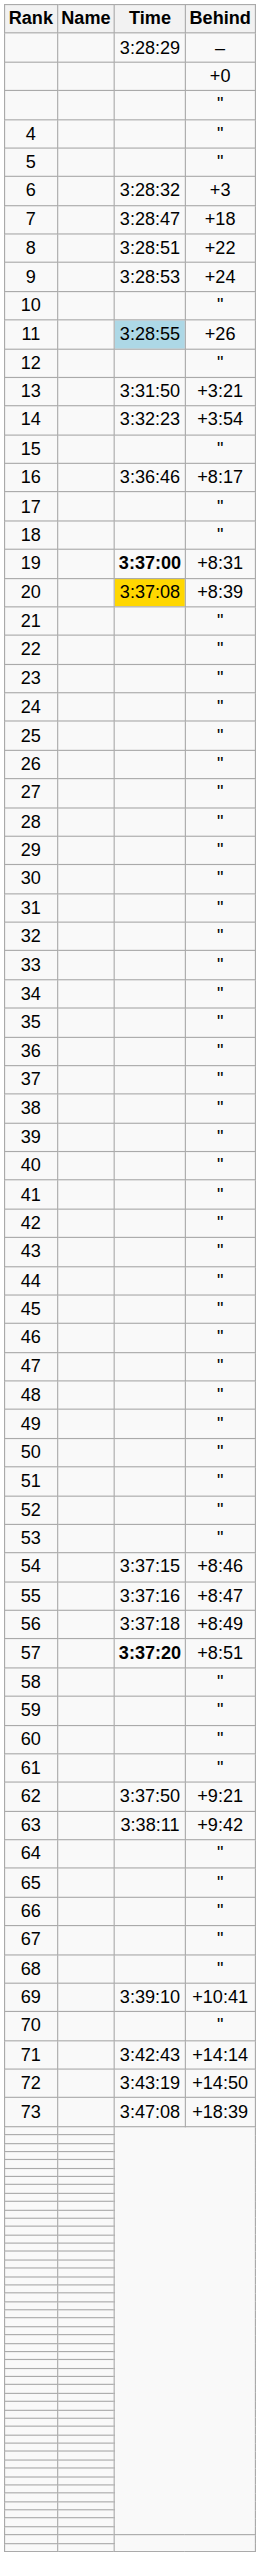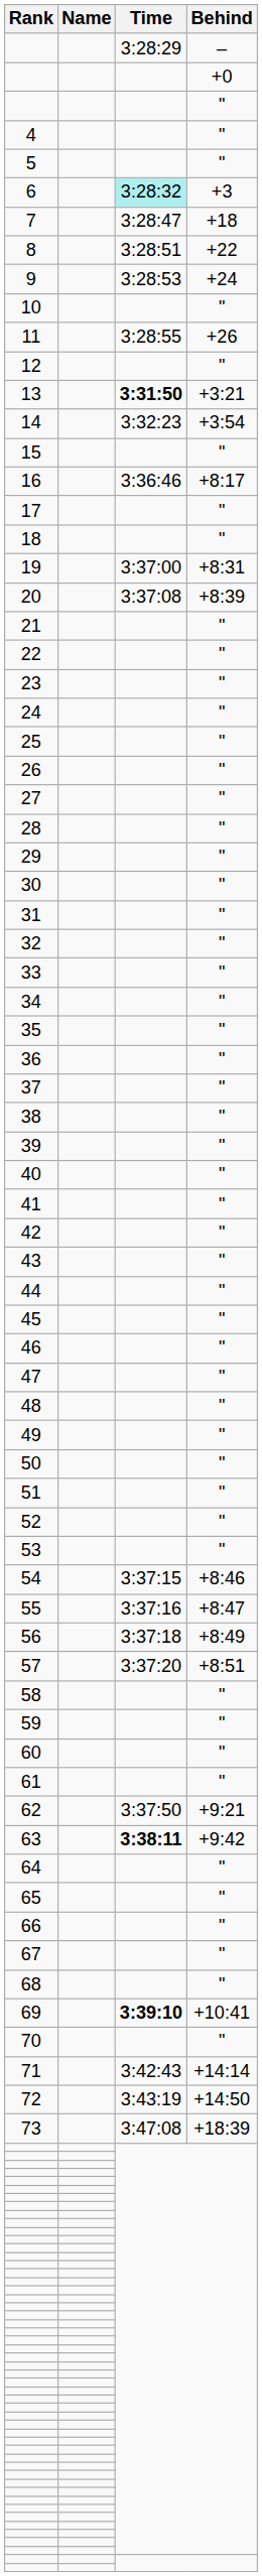 <table class="wikitable" style="text-align:center">
 <tr>
 <th>Rank</th>
 <th>Name</th>
 <th>Time</th>
 <th>Behind</th>
 </tr>
 <tr>
 <td></td>
 <td align=left></td>
 <td>3:28:29</td>
 <td>–</td>
 </tr>
 <tr>
 <td></td>
 <td align=left></td>
 <td></td>
 <td>+0</td>
 </tr>
 <tr>
 <td></td>
 <td align=left></td>
 <td></td>
 <td>"</td>
 </tr>
 <tr>
 <td>4</td>
 <td align=left></td>
 <td></td>
 <td>"</td>
 </tr>
 <tr>
 <td>5</td>
 <td align=left></td>
 <td></td>
 <td>"</td>
 </tr>
 <tr>
 <td>6</td>
 <td align=left></td>
-<td>3:28:32</td>
+<td style="background: paleturquoise;">3:28:32</td>
 <td>+3</td>
 </tr>
 <tr>
 <td>7</td>
 <td align=left></td>
 <td>3:28:47</td>
 <td>+18</td>
 </tr>
 <tr>
 <td>8</td>
 <td align=left></td>
 <td>3:28:51</td>
 <td>+22</td>
 </tr>
 <tr>
 <td>9</td>
 <td align=left></td>
 <td>3:28:53</td>
 <td>+24</td>
 </tr>
 <tr>
 <td>10</td>
 <td align=left></td>
 <td></td>
 <td>"</td>
 </tr>
 <tr>
 <td>11</td>
 <td align=left></td>
-<td style="background: lightblue;">3:28:55</td>
+<td>3:28:55</td>
 <td>+26</td>
 </tr>
 <tr>
 <td>12</td>
 <td align=left></td>
 <td></td>
 <td>"</td>
 </tr>
 <tr>
 <td>13</td>
 <td align=left></td>
-<td>3:31:50</td>
+<td><strong>3:31:50</strong></td>
 <td>+3:21</td>
 </tr>
 <tr>
 <td>14</td>
 <td align=left></td>
 <td>3:32:23</td>
 <td>+3:54</td>
 </tr>
 <tr>
 <td>15</td>
 <td align=left></td>
 <td></td>
 <td>"</td>
 </tr>
 <tr>
 <td>16</td>
 <td align=left></td>
 <td>3:36:46</td>
 <td>+8:17</td>
 </tr>
 <tr>
 <td>17</td>
 <td align=left></td>
 <td></td>
 <td>"</td>
 </tr>
 <tr>
 <td>18</td>
 <td align=left></td>
 <td></td>
 <td>"</td>
 </tr>
 <tr>
 <td>19</td>
 <td align=left></td>
-<td><strong>3:37:00</strong></td>
+<td>3:37:00</td>
 <td>+8:31</td>
 </tr>
 <tr>
 <td>20</td>
 <td align=left></td>
-<td style="background: gold;">3:37:08</td>
+<td>3:37:08</td>
 <td>+8:39</td>
 </tr>
 <tr>
 <td>21</td>
 <td align=left></td>
 <td></td>
 <td>"</td>
 </tr>
 <tr>
 <td>22</td>
 <td align=left></td>
 <td></td>
 <td>"</td>
 </tr>
 <tr>
 <td>23</td>
 <td align=left></td>
 <td></td>
 <td>"</td>
 </tr>
 <tr>
 <td>24</td>
 <td align=left></td>
 <td></td>
 <td>"</td>
 </tr>
 <tr>
 <td>25</td>
 <td align=left></td>
 <td></td>
 <td>"</td>
 </tr>
 <tr>
 <td>26</td>
 <td align=left></td>
 <td></td>
 <td>"</td>
 </tr>
 <tr>
 <td>27</td>
 <td align=left></td>
 <td></td>
 <td>"</td>
 </tr>
 <tr>
 <td>28</td>
 <td align=left></td>
 <td></td>
 <td>"</td>
 </tr>
 <tr>
 <td>29</td>
 <td align=left></td>
 <td></td>
 <td>"</td>
 </tr>
 <tr>
 <td>30</td>
 <td align=left></td>
 <td></td>
 <td>"</td>
 </tr>
 <tr>
 <td>31</td>
 <td align=left></td>
 <td></td>
 <td>"</td>
 </tr>
 <tr>
 <td>32</td>
 <td align=left></td>
 <td></td>
 <td>"</td>
 </tr>
 <tr>
 <td>33</td>
 <td align=left></td>
 <td></td>
 <td>"</td>
 </tr>
 <tr>
 <td>34</td>
 <td align=left></td>
 <td></td>
 <td>"</td>
 </tr>
 <tr>
 <td>35</td>
 <td align=left></td>
 <td></td>
 <td>"</td>
 </tr>
 <tr>
 <td>36</td>
 <td align=left></td>
 <td></td>
 <td>"</td>
 </tr>
 <tr>
 <td>37</td>
 <td align=left></td>
 <td></td>
 <td>"</td>
 </tr>
 <tr>
 <td>38</td>
 <td align=left></td>
 <td></td>
 <td>"</td>
 </tr>
 <tr>
 <td>39</td>
 <td align=left></td>
 <td></td>
 <td>"</td>
 </tr>
 <tr>
 <td>40</td>
 <td align=left></td>
 <td></td>
 <td>"</td>
 </tr>
 <tr>
 <td>41</td>
 <td align=left></td>
 <td></td>
 <td>"</td>
 </tr>
 <tr>
 <td>42</td>
 <td align=left></td>
 <td></td>
 <td>"</td>
 </tr>
 <tr>
 <td>43</td>
 <td align=left></td>
 <td></td>
 <td>"</td>
 </tr>
 <tr>
 <td>44</td>
 <td align=left></td>
 <td></td>
 <td>"</td>
 </tr>
 <tr>
 <td>45</td>
 <td align=left></td>
 <td></td>
 <td>"</td>
 </tr>
 <tr>
 <td>46</td>
 <td align=left></td>
 <td></td>
 <td>"</td>
 </tr>
 <tr>
 <td>47</td>
 <td align=left></td>
 <td></td>
 <td>"</td>
 </tr>
 <tr>
 <td>48</td>
 <td align=left></td>
 <td></td>
 <td>"</td>
 </tr>
 <tr>
 <td>49</td>
 <td align=left></td>
 <td></td>
 <td>"</td>
 </tr>
 <tr>
 <td>50</td>
 <td align=left></td>
 <td></td>
 <td>"</td>
 </tr>
 <tr>
 <td>51</td>
 <td align=left></td>
 <td></td>
 <td>"</td>
 </tr>
 <tr>
 <td>52</td>
 <td align=left></td>
 <td></td>
 <td>"</td>
 </tr>
 <tr>
 <td>53</td>
 <td align=left></td>
 <td></td>
 <td>"</td>
 </tr>
 <tr>
 <td>54</td>
 <td align=left></td>
 <td>3:37:15</td>
 <td>+8:46</td>
 </tr>
 <tr>
 <td>55</td>
 <td align=left></td>
 <td>3:37:16</td>
 <td>+8:47</td>
 </tr>
 <tr>
 <td>56</td>
 <td align=left></td>
 <td>3:37:18</td>
 <td>+8:49</td>
 </tr>
 <tr>
 <td>57</td>
 <td align=left></td>
-<td><strong>3:37:20</strong></td>
+<td>3:37:20</td>
 <td>+8:51</td>
 </tr>
 <tr>
 <td>58</td>
 <td align=left></td>
 <td></td>
 <td>"</td>
 </tr>
 <tr>
 <td>59</td>
 <td align=left></td>
 <td></td>
 <td>"</td>
 </tr>
 <tr>
 <td>60</td>
 <td align=left></td>
 <td></td>
 <td>"</td>
 </tr>
 <tr>
 <td>61</td>
 <td align=left></td>
 <td></td>
 <td>"</td>
 </tr>
 <tr>
 <td>62</td>
 <td align=left></td>
 <td>3:37:50</td>
 <td>+9:21</td>
 </tr>
 <tr>
 <td>63</td>
 <td align=left></td>
-<td>3:38:11</td>
+<td><strong>3:38:11</strong></td>
 <td>+9:42</td>
 </tr>
 <tr>
 <td>64</td>
 <td align=left></td>
 <td></td>
 <td>"</td>
 </tr>
 <tr>
 <td>65</td>
 <td align=left></td>
 <td></td>
 <td>"</td>
 </tr>
 <tr>
 <td>66</td>
 <td align=left></td>
 <td></td>
 <td>"</td>
 </tr>
 <tr>
 <td>67</td>
 <td align=left></td>
 <td></td>
 <td>"</td>
 </tr>
 <tr>
 <td>68</td>
 <td align=left></td>
 <td></td>
 <td>"</td>
 </tr>
 <tr>
 <td>69</td>
 <td align=left></td>
-<td>3:39:10</td>
+<td><strong>3:39:10</strong></td>
 <td>+10:41</td>
 </tr>
 <tr>
 <td>70</td>
 <td align=left></td>
 <td></td>
 <td>"</td>
 </tr>
 <tr>
 <td>71</td>
 <td align=left></td>
 <td>3:42:43</td>
 <td>+14:14</td>
 </tr>
 <tr>
 <td>72</td>
 <td align=left></td>
 <td>3:43:19</td>
 <td>+14:50</td>
 </tr>
 <tr>
 <td>73</td>
 <td align=left></td>
 <td>3:47:08</td>
 <td>+18:39</td>
 </tr>
 <tr>
 <td></td>
 <td align=left></td>
 <td colspan=2 rowspan=49></td>
 </tr>
 <tr>
 <td></td>
 <td align=left></td>
 </tr>
 <tr>
 <td></td>
 <td align=left></td>
 </tr>
 <tr>
 <td></td>
 <td align=left></td>
 </tr>
 <tr>
 <td></td>
 <td align=left></td>
 </tr>
 <tr>
 <td></td>
 <td align=left></td>
 </tr>
 <tr>
 <td></td>
 <td align=left></td>
 </tr>
 <tr>
 <td></td>
 <td align=left></td>
 </tr>
 <tr>
 <td></td>
 <td align=left></td>
 </tr>
 <tr>
 <td></td>
 <td align=left></td>
 </tr>
 <tr>
 <td></td>
 <td align=left></td>
 </tr>
 <tr>
 <td></td>
 <td align=left></td>
 </tr>
 <tr>
 <td></td>
 <td align=left></td>
 </tr>
 <tr>
 <td></td>
 <td align=left></td>
 </tr>
 <tr>
 <td></td>
 <td align=left></td>
 </tr>
 <tr>
 <td></td>
 <td align=left></td>
 </tr>
 <tr>
 <td></td>
 <td align=left></td>
 </tr>
 <tr>
 <td></td>
 <td align=left></td>
 </tr>
 <tr>
 <td></td>
 <td align=left></td>
 </tr>
 <tr>
 <td></td>
 <td align=left></td>
 </tr>
 <tr>
 <td></td>
 <td align=left></td>
 </tr>
 <tr>
 <td></td>
 <td align=left></td>
 </tr>
 <tr>
 <td></td>
 <td align=left></td>
 </tr>
 <tr>
 <td></td>
 <td align=left></td>
 </tr>
 <tr>
 <td></td>
 <td align=left></td>
 </tr>
 <tr>
 <td></td>
 <td align=left></td>
 </tr>
 <tr>
 <td></td>
 <td align=left></td>
 </tr>
 <tr>
 <td></td>
 <td align=left></td>
 </tr>
 <tr>
 <td></td>
 <td align=left></td>
 </tr>
 <tr>
 <td></td>
 <td align=left></td>
 </tr>
 <tr>
 <td></td>
 <td align=left></td>
 </tr>
 <tr>
 <td></td>
 <td align=left></td>
 </tr>
 <tr>
 <td></td>
 <td align=left></td>
 </tr>
 <tr>
 <td></td>
 <td align=left></td>
 </tr>
 <tr>
 <td></td>
 <td align=left></td>
 </tr>
 <tr>
 <td></td>
 <td align=left></td>
 </tr>
 <tr>
 <td></td>
 <td align=left></td>
 </tr>
 <tr>
 <td></td>
 <td align=left></td>
 </tr>
 <tr>
 <td></td>
 <td align=left></td>
 </tr>
 <tr>
 <td></td>
 <td align=left></td>
 </tr>
 <tr>
 <td></td>
 <td align=left></td>
 </tr>
 <tr>
 <td></td>
 <td align=left></td>
 </tr>
 <tr>
 <td></td>
 <td align=left></td>
 </tr>
 <tr>
 <td></td>
 <td align=left></td>
 </tr>
 <tr>
 <td></td>
 <td align=left></td>
 </tr>
 <tr>
 <td></td>
 <td align=left></td>
 </tr>
 <tr>
 <td></td>
 <td align=left></td>
 </tr>
 <tr>
 <td></td>
 <td align=left></td>
 </tr>
 <tr>
 <td></td>
 <td align=left></td>
 </tr>
 <tr>
 <td></td>
 <td align=left></td>
 <td colspan=2 rowspan=2></td>
 </tr>
 <tr>
 <td></td>
 <td align=left></td>
 </tr>
 </table>
